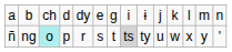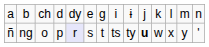 <table class="wikitable" style="text-align: center;">
 <tr>
 <td>a</td>
 <td>b</td>
 <td>ch</td>
 <td>d</td>
 <td>dy</td>
 <td>e</td>
 <td>g</td>
 <td>i</td>
 <td>ɨ</td>
 <td>j</td>
 <td>k</td>
 <td>l</td>
 <td>m</td>
 <td>n</td>
 </tr>
 <tr>
 <td>ñ</td>
 <td>ng</td>
-<td style="background: paleturquoise;">o</td>
+<td>o</td>
 <td>p</td>
-<td>r</td>
+<td style="background: lavender;">r</td>
 <td>s</td>
 <td>t</td>
-<td style="background: lightgrey;">ts</td>
+<td>ts</td>
 <td>ty</td>
-<td>u</td>
+<td><strong>u</strong></td>
 <td>w</td>
 <td>x</td>
 <td>y</td>
 <td>'</td>
 </tr>
 </table>
